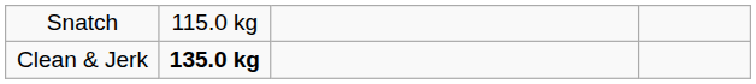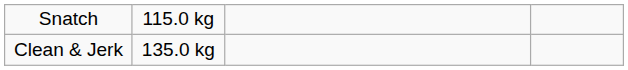 <table class = "wikitable" style="text-align:center;">
 <tr>
 <td width=100>Snatch</td>
 <td width=70>115.0 kg</td>
 <td width=250 align=left></td>
 <td width=70></td>
 </tr>
 <tr>
 <td>Clean & Jerk</td>
-<td><strong>135.0 kg</strong></td>
+<td>135.0 kg</td>
 <td align=left></td>
 <td></td>
 </tr>
 </table>
